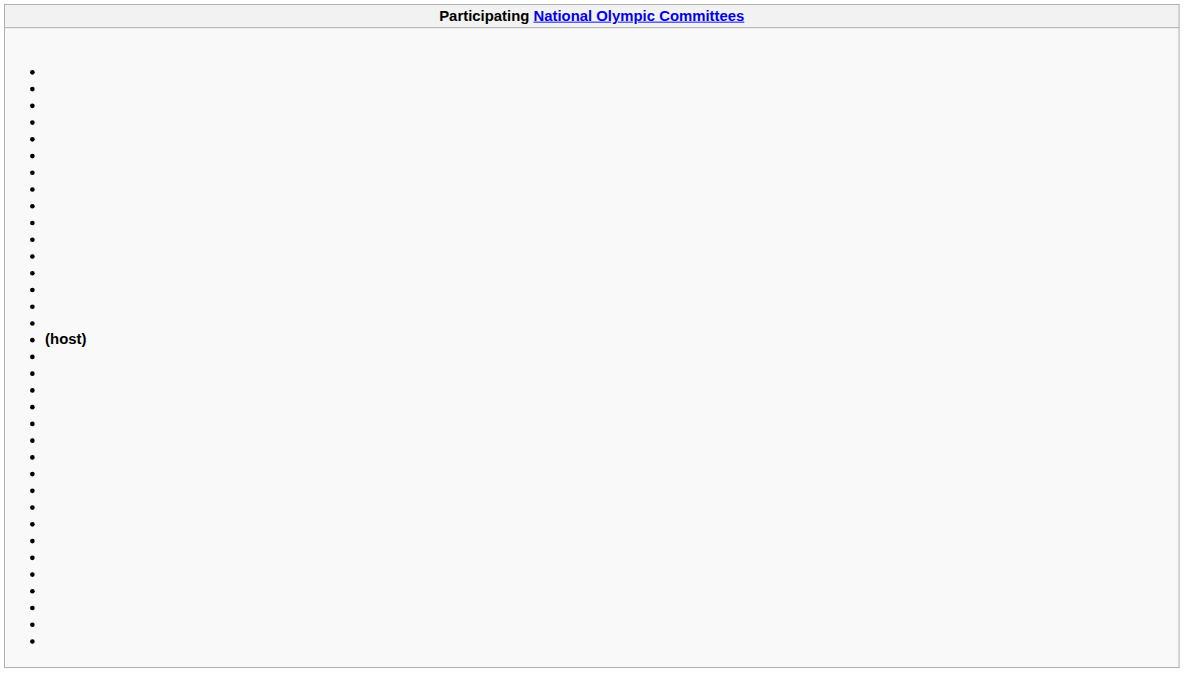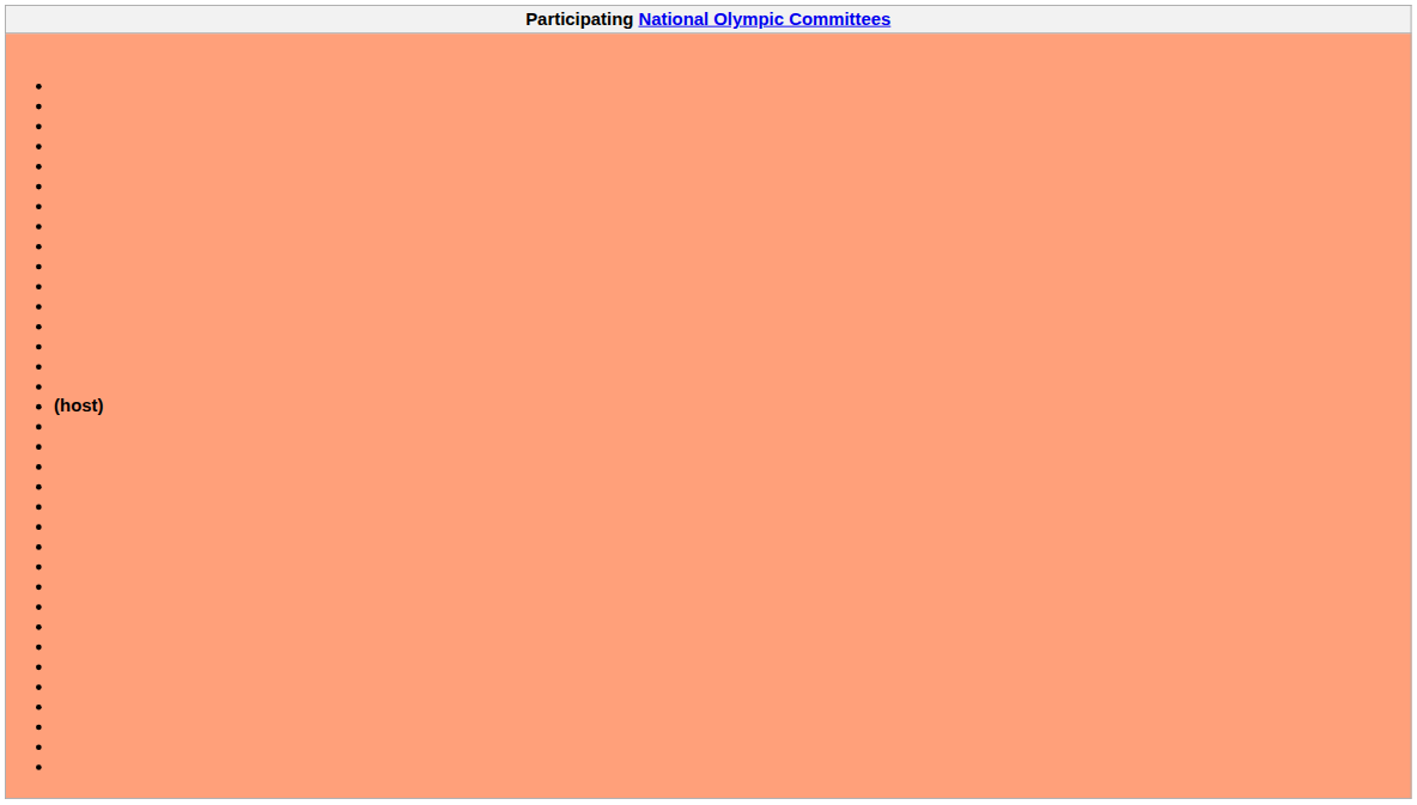 <table class="wikitable collapsible" style="width:100%;">
 <tr>
 <th>Participating <a href='#'>National Olympic Committees</a></th>
 </tr>
 <tr>
-<td><br><ul><li></li><li></li><li></li><li></li><li></li><li></li><li></li><li></li><li></li><li></li><li></li><li></li><li></li><li></li><li></li><li></li><li> <strong>(host)</strong></li><li></li><li></li><li></li><li></li><li></li><li></li><li></li><li></li><li></li><li></li><li></li><li></li><li></li><li></li><li></li><li></li><li></li><li></li></ul></td>
+<td style="background: lightsalmon;"><br><ul><li></li><li></li><li></li><li></li><li></li><li></li><li></li><li></li><li></li><li></li><li></li><li></li><li></li><li></li><li></li><li></li><li> <strong>(host)</strong></li><li></li><li></li><li></li><li></li><li></li><li></li><li></li><li></li><li></li><li></li><li></li><li></li><li></li><li></li><li></li><li></li><li></li><li></li></ul></td>
 </tr>
 </table>
